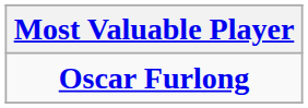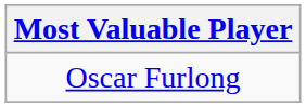 <table class=wikitable style="text-align:center; margin:auto">
 <tr>
 <th><a href='#'>Most Valuable Player</a></th>
 </tr>
 <tr>
-<td><strong> <a href='#'>Oscar Furlong</a></strong></td>
+<td> <a href='#'>Oscar Furlong</a></td>
 </tr>
 </table>
